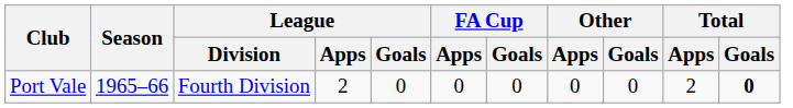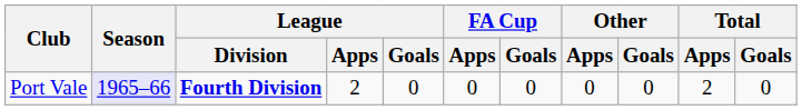 <table class="wikitable" style="text-align:center">
 <tr>
 <th rowspan="2">Club</th>
 <th rowspan="2">Season</th>
 <th colspan="3">League</th>
 <th colspan="2"><a href='#'>FA Cup</a></th>
 <th colspan="2">Other</th>
 <th colspan="2">Total</th>
 </tr>
 <tr>
 <th>Division</th>
 <th>Apps</th>
 <th>Goals</th>
 <th>Apps</th>
 <th>Goals</th>
 <th>Apps</th>
 <th>Goals</th>
 <th>Apps</th>
 <th>Goals</th>
 </tr>
 <tr>
 <td><a href='#'>Port Vale</a></td>
-<td><a href='#'>1965–66</a></td>
-<td><a href='#'>Fourth Division</a></td>
+<td style="background: lavender;"><a href='#'>1965–66</a></td>
+<td><strong><a href='#'>Fourth Division</a></strong></td>
 <td>2</td>
 <td>0</td>
 <td>0</td>
 <td>0</td>
 <td>0</td>
 <td>0</td>
 <td>2</td>
-<td><strong>0</strong></td>
+<td>0</td>
 </tr>
 </table>
